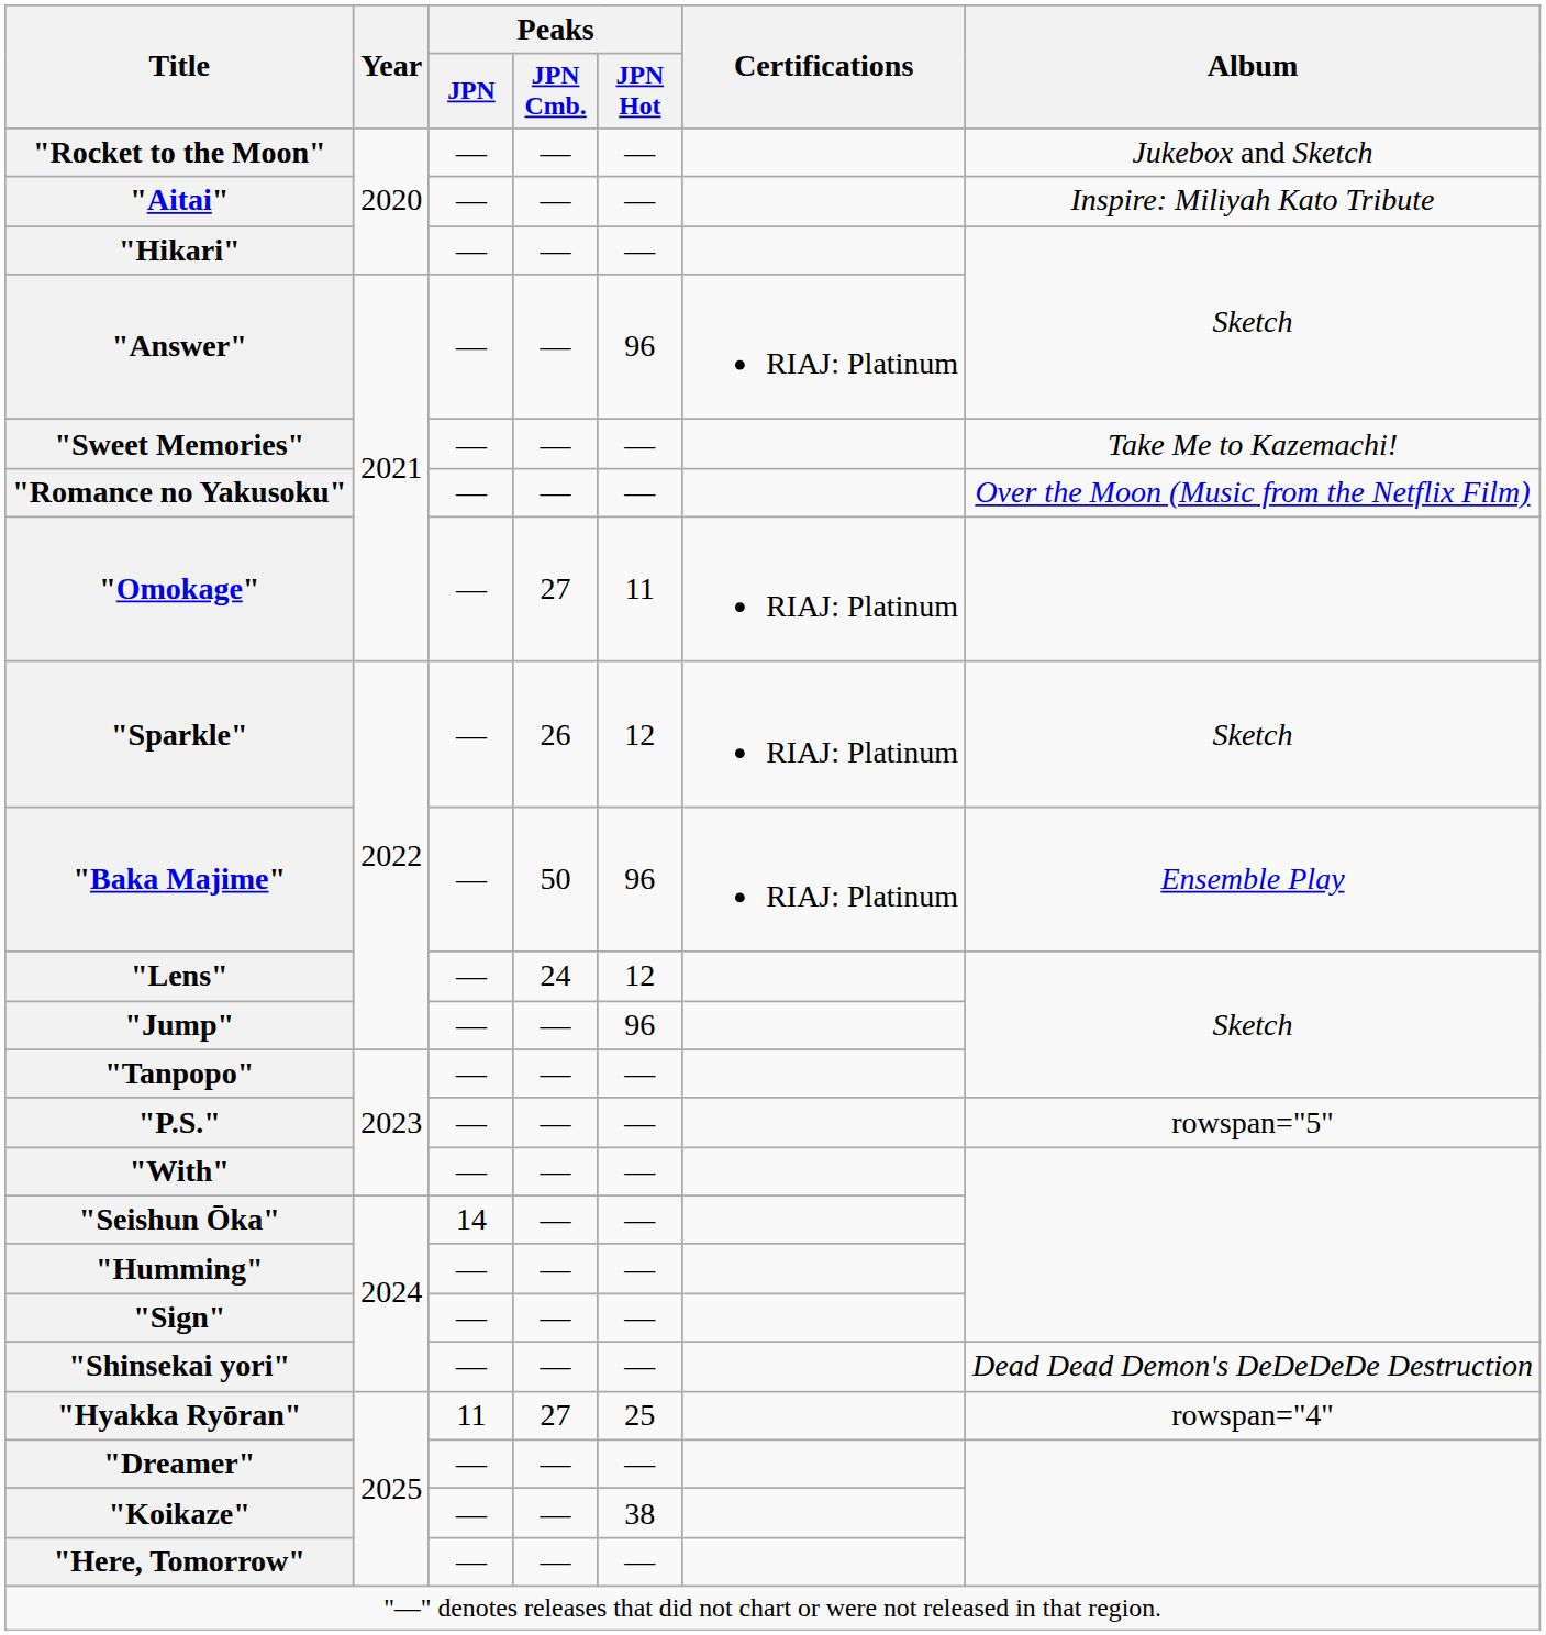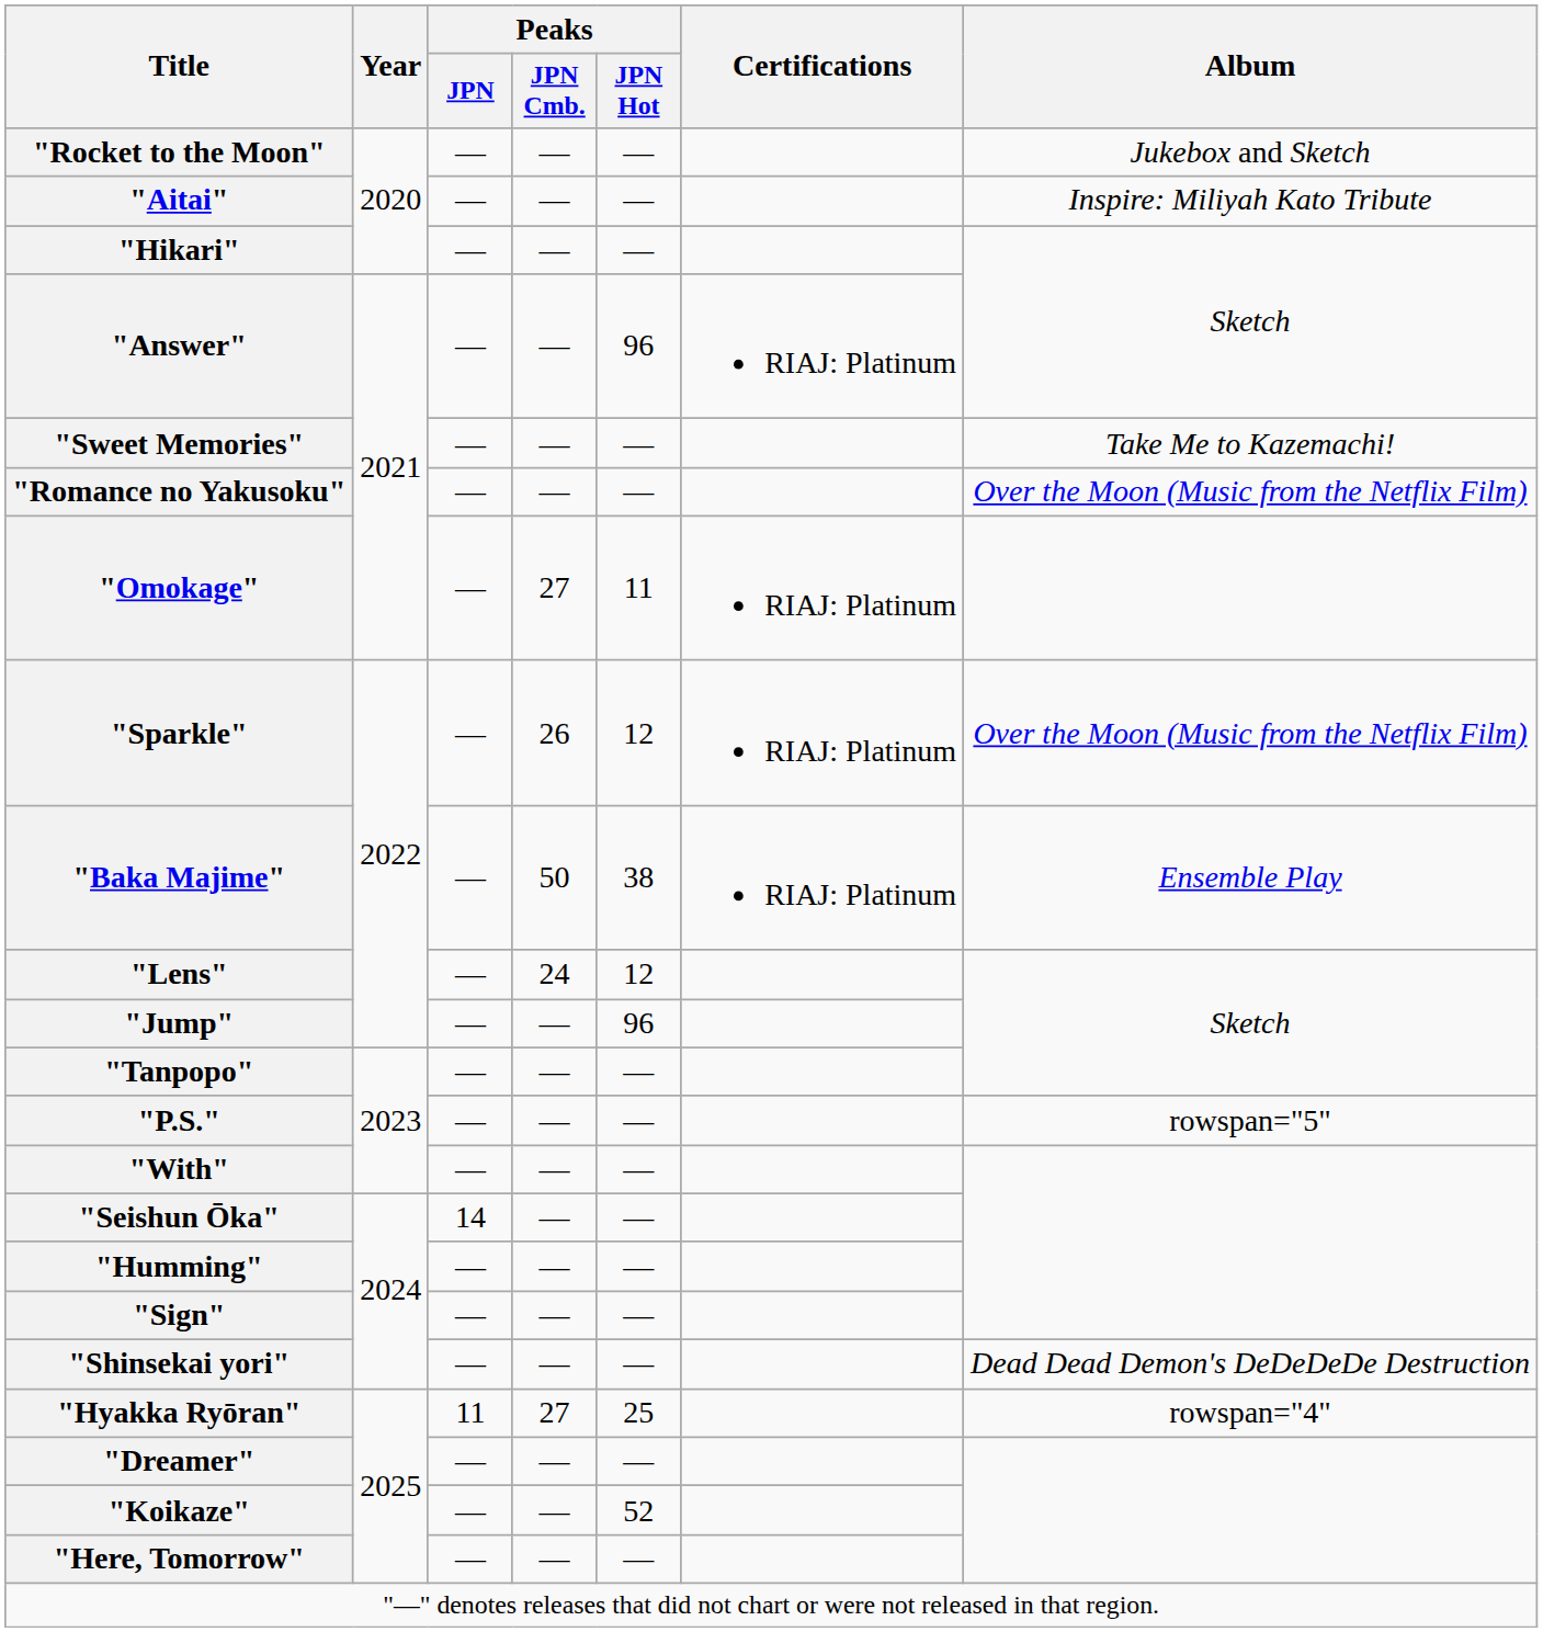 <table class="wikitable plainrowheaders" style="text-align:center">
 <tr>
 <th scope="col" rowspan="2">Title</th>
 <th scope="col" rowspan="2">Year</th>
 <th scope="col" colspan="3">Peaks</th>
 <th scope="col" rowspan="2">Certifications</th>
 <th scope="col" rowspan="2">Album</th>
 </tr>
 <tr>
 <th scope="col" style="width:2.75em;font-size:85%"><a href='#'>JPN</a><br></th>
 <th scope="col" style="width:2.75em;font-size:85%"><a href='#'>JPN<br>Cmb.</a><br></th>
 <th scope="col" style="width:2.75em;font-size:85%"><a href='#'>JPN<br>Hot</a><br></th>
 </tr>
 <tr>
 <th scope="row">"Rocket to the Moon"</th>
 <td rowspan="3">2020</td>
 <td>—</td>
 <td>—</td>
 <td>—</td>
 <td></td>
 <td><em>Jukebox</em> and <em>Sketch</em></td>
 </tr>
 <tr>
 <th scope="row">"<a href='#'>Aitai</a>"</th>
 <td>—</td>
 <td>—</td>
 <td>—</td>
 <td></td>
 <td><em>Inspire: Miliyah Kato Tribute</em></td>
 </tr>
 <tr>
 <th scope="row">"Hikari"</th>
 <td>—</td>
 <td>—</td>
 <td>—</td>
 <td></td>
 <td rowspan="2"><em>Sketch</em></td>
 </tr>
 <tr>
 <th scope="row">"Answer"</th>
 <td rowspan="4">2021</td>
 <td>—</td>
 <td>—</td>
 <td>96</td>
 <td><br><ul><li>RIAJ: Platinum </li></ul></td>
 </tr>
 <tr>
 <th scope="row">"Sweet Memories"</th>
 <td>—</td>
 <td>—</td>
 <td>—</td>
 <td></td>
 <td><em>Take Me to Kazemachi!</em></td>
 </tr>
 <tr>
 <th scope="row">"Romance no Yakusoku"</th>
 <td>—</td>
 <td>—</td>
 <td>—</td>
 <td></td>
 <td><em><a href='#'>Over the Moon (Music from the Netflix Film)</a></em></td>
 </tr>
 <tr>
 <th scope="row">"<a href='#'>Omokage</a>"<br></th>
 <td>—</td>
 <td>27</td>
 <td>11</td>
 <td><br><ul><li>RIAJ: Platinum </li></ul></td>
 <td></td>
 </tr>
 <tr>
 <th scope="row">"Sparkle"</th>
 <td rowspan="4">2022</td>
 <td>—</td>
 <td>26</td>
 <td>12</td>
 <td><br><ul><li>RIAJ: Platinum </li></ul></td>
-<td><em>Sketch</em></td>
+<td><em><a href='#'>Over the Moon (Music from the Netflix Film)</a></em></td>
 </tr>
 <tr>
 <th scope="row">"<a href='#'>Baka Majime</a>"<br></th>
 <td>—</td>
 <td>50</td>
-<td>96</td>
+<td>38</td>
 <td><br><ul><li>RIAJ: Platinum </li></ul></td>
 <td><em><a href='#'>Ensemble Play</a></em></td>
 </tr>
 <tr>
 <th scope="row">"Lens"</th>
 <td>—</td>
 <td>24</td>
 <td>12</td>
 <td></td>
 <td rowspan="3"><em>Sketch</em></td>
 </tr>
 <tr>
 <th scope="row">"Jump"</th>
 <td>—</td>
 <td>—</td>
 <td>96</td>
 <td></td>
 </tr>
 <tr>
 <th scope="row">"Tanpopo"</th>
 <td rowspan="3">2023</td>
 <td>—</td>
 <td>—</td>
 <td>—</td>
 <td></td>
 </tr>
 <tr>
 <th scope="row">"P.S."</th>
 <td>—</td>
 <td>—</td>
 <td>—</td>
 <td></td>
 <td>rowspan="5" </td>
 </tr>
 <tr>
 <th scope="row">"With"</th>
 <td>—</td>
 <td>—</td>
 <td>—</td>
 <td></td>
 </tr>
 <tr>
 <th scope="row">"Seishun Ōka"<br></th>
 <td rowspan="4">2024</td>
 <td>14</td>
 <td>—</td>
 <td>—</td>
 <td></td>
 </tr>
 <tr>
 <th scope="row">"Humming"</th>
 <td>—</td>
 <td>—</td>
 <td>—</td>
 <td></td>
 </tr>
 <tr>
 <th scope="row">"Sign"</th>
 <td>—</td>
 <td>—</td>
 <td>—</td>
 <td></td>
 </tr>
 <tr>
 <th scope="row">"Shinsekai yori"<br></th>
 <td>—</td>
 <td>—</td>
 <td>—</td>
 <td></td>
 <td><em>Dead Dead Demon's DeDeDeDe Destruction</em></td>
 </tr>
 <tr>
 <th scope="row">"Hyakka Ryōran"</th>
 <td rowspan="4">2025</td>
 <td>11</td>
 <td>27</td>
 <td>25</td>
 <td></td>
 <td>rowspan="4" </td>
 </tr>
 <tr>
 <th scope="row">"Dreamer"</th>
 <td>—</td>
 <td>—</td>
 <td>—</td>
 <td></td>
 </tr>
 <tr>
 <th scope="row">"Koikaze"</th>
 <td>—</td>
 <td>—</td>
-<td>38</td>
+<td>52</td>
 <td></td>
 </tr>
 <tr>
 <th scope="row">"Here, Tomorrow"<br></th>
 <td>—</td>
 <td>—</td>
 <td>—</td>
 <td></td>
 </tr>
 <tr>
 <td colspan="7" style="font-size:85%">"—" denotes releases that did not chart or were not released in that region.</td>
 </tr>
 </table>
